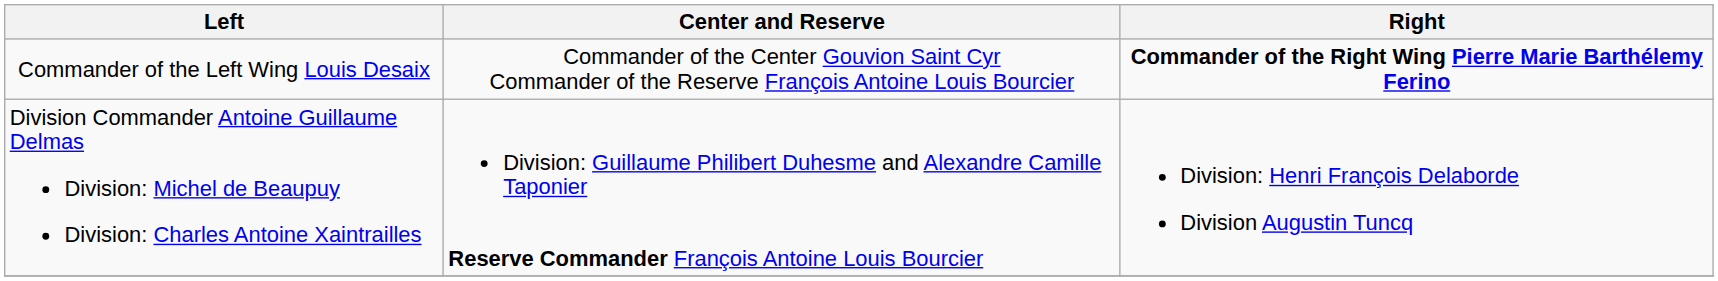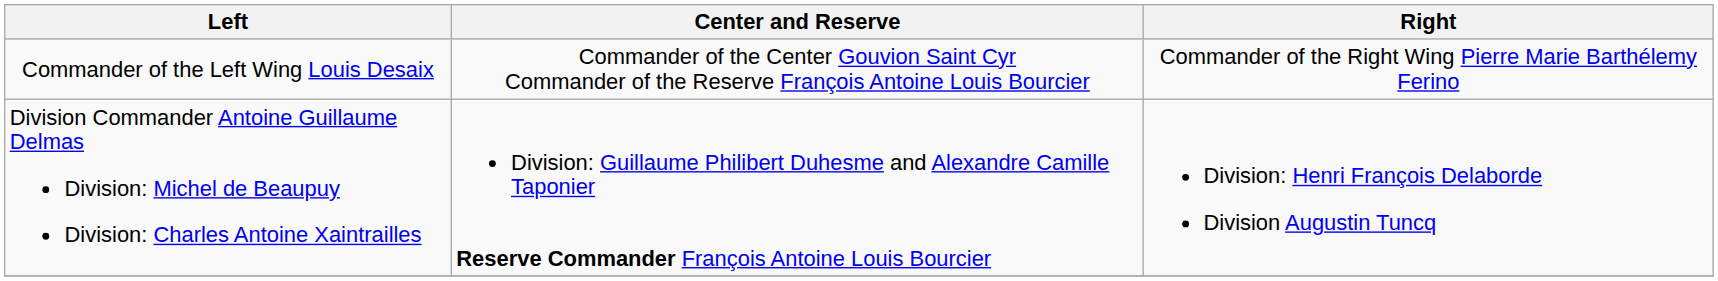 <table class="wikitable">
 <tr>
 <th>Left</th>
 <th>Center and Reserve</th>
 <th>Right</th>
 </tr>
 <tr>
 <td style="text-align:center;">Commander of the Left Wing <a href='#'>Louis Desaix</a></td>
 <td style="text-align:center;">Commander of the Center <a href='#'>Gouvion Saint Cyr</a><br>Commander of the Reserve <a href='#'>François Antoine Louis Bourcier</a></td>
-<td style="text-align:center;"><strong>Commander of the Right Wing <a href='#'>Pierre Marie Barthélemy Ferino</a></strong></td>
+<td style="text-align:center;">Commander of the Right Wing <a href='#'>Pierre Marie Barthélemy Ferino</a></td>
 </tr>
 <tr>
 <td>Division Commander <a href='#'>Antoine Guillaume Delmas</a><br><ul><li>Division: <a href='#'>Michel de Beaupuy</a></li></ul><ul><li>Division: <a href='#'>Charles Antoine Xaintrailles</a></li></ul></td>
 <td><br><ul><li>Division: <a href='#'>Guillaume Philibert Duhesme</a> and <a href='#'>Alexandre Camille Taponier</a></li></ul><br> <strong>Reserve Commander</strong> <a href='#'>François Antoine Louis Bourcier</a></td>
 <td><br><ul><li>Division: <a href='#'>Henri François Delaborde</a></li></ul><ul><li>Division <a href='#'>Augustin Tuncq</a></li></ul></td>
 </tr>
 <tr>
 </tr>
 </table>
